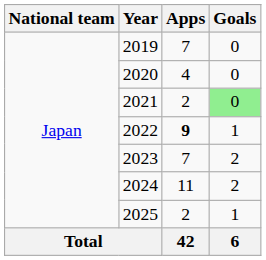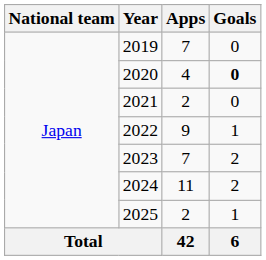 <table class="wikitable" style="text-align:center">
 <tr>
 <th>National team</th>
 <th>Year</th>
 <th>Apps</th>
 <th>Goals</th>
 </tr>
 <tr>
 <td rowspan="7"><a href='#'>Japan</a></td>
 <td>2019</td>
 <td>7</td>
 <td>0</td>
 </tr>
 <tr>
 <td>2020</td>
 <td>4</td>
-<td>0</td>
+<td><strong>0</strong></td>
 </tr>
 <tr>
 <td>2021</td>
 <td>2</td>
-<td style="background: lightgreen;">0</td>
+<td>0</td>
 </tr>
 <tr>
 <td>2022</td>
-<td><strong>9</strong></td>
+<td>9</td>
 <td>1</td>
 </tr>
 <tr>
 <td>2023</td>
 <td>7</td>
 <td>2</td>
 </tr>
 <tr>
 <td>2024</td>
 <td>11</td>
 <td>2</td>
 </tr>
 <tr>
 <td>2025</td>
 <td>2</td>
 <td>1</td>
 </tr>
 <tr>
 <th colspan="2">Total</th>
 <th>42</th>
 <th>6</th>
 </tr>
 </table>
